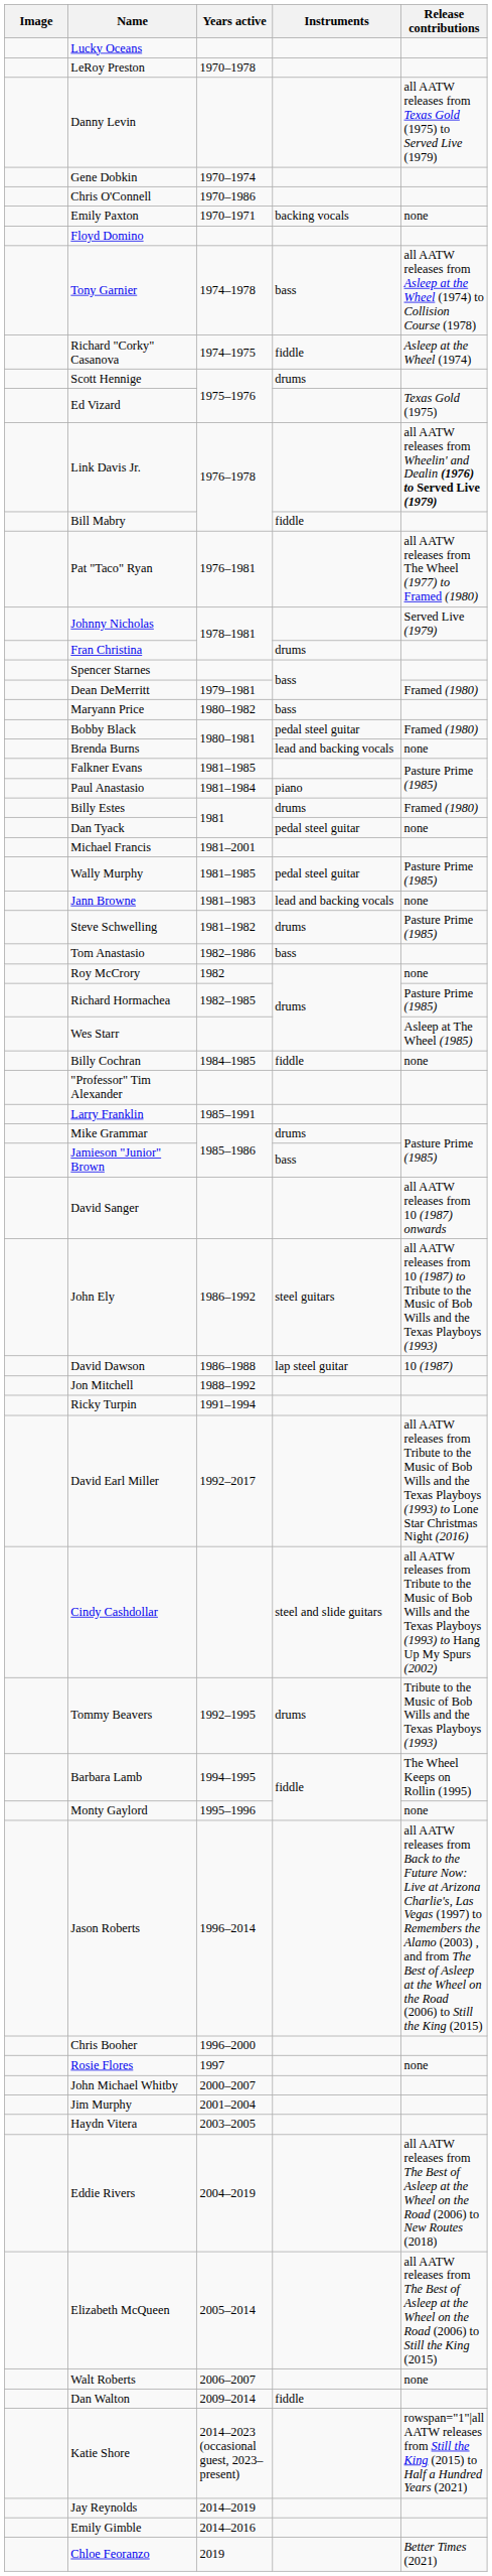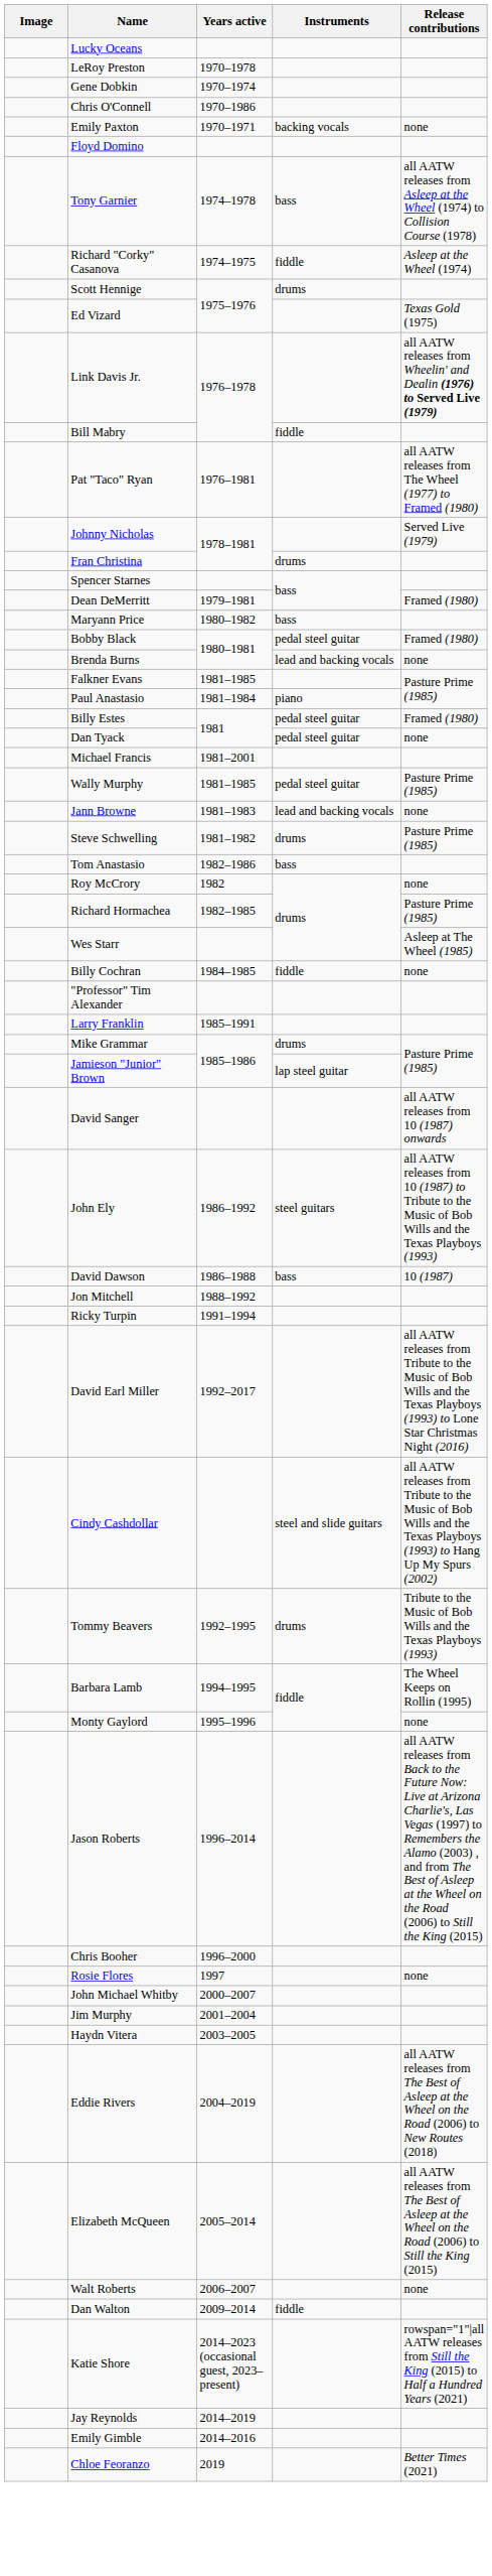 <table class="wikitable" border="1" width=100%>
 <tr>
 <th width="75">Image</th>
 <th width="160">Name</th>
 <th width="90">Years active</th>
 <th width="160">Instruments</th>
 <th>Release contributions</th>
 </tr>
 <tr>
 <td></td>
 <td><a href='#'>Lucky Oceans</a><br></td>
 <td></td>
 <td></td>
 <td></td>
 </tr>
 <tr>
 <td></td>
 <td>LeRoy Preston</td>
 <td>1970–1978</td>
 <td></td>
 <td></td>
-</tr>
-<tr>
-<td></td>
-<td>Danny Levin</td>
-<td></td>
-<td></td>
-<td>all AATW releases from <em><a href='#'>Texas Gold</a></em> (1975) to <em>Served Live</em> (1979) </td>
 </tr>
 <tr>
 <td></td>
 <td>Gene Dobkin</td>
 <td>1970–1974</td>
 <td></td>
 <td></td>
 </tr>
 <tr>
 <td></td>
 <td>Chris O'Connell</td>
 <td>1970–1986</td>
 <td></td>
 <td></td>
 </tr>
 <tr>
 <td></td>
 <td>Emily Paxton</td>
 <td>1970–1971</td>
 <td>backing vocals</td>
 <td>none </td>
 </tr>
 <tr>
 <td></td>
 <td><a href='#'>Floyd Domino</a><br></td>
 <td></td>
 <td></td>
 <td></td>
 </tr>
 <tr>
 <td></td>
 <td><a href='#'>Tony Garnier</a></td>
 <td>1974–1978</td>
 <td>bass</td>
 <td>all AATW releases from <em><a href='#'>Asleep at the Wheel</a></em> (1974) to <em>Collision Course</em> (1978) </td>
 </tr>
 <tr>
 <td></td>
 <td>Richard "Corky" Casanova</td>
 <td>1974–1975 </td>
 <td>fiddle</td>
 <td><em>Asleep at the Wheel</em> (1974)</td>
 </tr>
 <tr>
 <td></td>
 <td>Scott Hennige</td>
 <td rowspan="2">1975–1976</td>
 <td>drums</td>
 <td></td>
 </tr>
 <tr>
 <td></td>
 <td>Ed Vizard</td>
 <td></td>
 <td><em>Texas Gold</em> (1975) </td>
 </tr>
 <tr>
 <td></td>
 <td>Link Davis Jr.</td>
 <td rowspan="2">1976–1978</td>
 <td></td>
 <td>all AATW releases from <em>Wheelin' and Dealin<strong> (1976) to </em>Served Live<em> (1979)</td>
 </tr>
 <tr>
 <td></td>
 <td>Bill Mabry</td>
 <td>fiddle</td>
 <td></td>
 </tr>
 <tr>
 <td></td>
 <td>Pat "Taco" Ryan</td>
 <td>1976–1981</td>
 <td></td>
 <td>all AATW releases from </em>The Wheel<em> (1977) to </em><a href='#'>Framed</a><em> (1980)</td>
 </tr>
 <tr>
 <td></td>
 <td><a href='#'>Johnny Nicholas</a></td>
 <td rowspan="2">1978–1981</td>
 <td></td>
 <td></em>Served Live<em> (1979) </td>
 </tr>
 <tr>
 <td></td>
 <td><a href='#'>Fran Christina</a></td>
 <td>drums</td>
 <td></td>
 </tr>
 <tr>
 <td></td>
 <td>Spencer Starnes</td>
 <td></td>
 <td rowspan="2">bass</td>
 <td></td>
 </tr>
 <tr>
 <td></td>
 <td>Dean DeMerritt</td>
 <td>1979–1981</td>
 <td></em>Framed<em> (1980)</td>
 </tr>
 <tr>
 <td></td>
 <td>Maryann Price</td>
 <td>1980–1982</td>
 <td>bass</td>
 <td></td>
 </tr>
 <tr>
 <td></td>
 <td>Bobby Black</td>
 <td rowspan="2">1980–1981</td>
 <td>pedal steel guitar</td>
 <td></em>Framed<em> (1980) </td>
 </tr>
 <tr>
 <td></td>
 <td>Brenda Burns</td>
 <td>lead and backing vocals</td>
 <td>none </td>
 </tr>
 <tr>
 <td></td>
 <td>Falkner Evans</td>
 <td>1981–1985</td>
 <td></td>
 <td rowspan="2"></em>Pasture Prime<em> (1985)</td>
 </tr>
 <tr>
 <td></td>
 <td>Paul Anastasio</td>
 <td>1981–1984</td>
 <td>piano</td>
 </tr>
 <tr>
 <td></td>
 <td>Billy Estes</td>
 <td rowspan="2">1981</td>
-<td>drums</td>
+<td>pedal steel guitar</td>
 <td></em>Framed<em> (1980)</td>
 </tr>
 <tr>
 <td></td>
 <td>Dan Tyack</td>
 <td>pedal steel guitar</td>
 <td>none </td>
 </tr>
 <tr>
 <td></td>
 <td>Michael Francis</td>
 <td>1981–2001</td>
 <td></td>
 <td></td>
 </tr>
 <tr>
 <td></td>
 <td>Wally Murphy</td>
 <td>1981–1985</td>
 <td>pedal steel guitar</td>
 <td></em>Pasture Prime<em> (1985) </td>
 </tr>
 <tr>
 <td></td>
 <td><a href='#'>Jann Browne</a></td>
 <td>1981–1983</td>
 <td>lead and backing vocals</td>
 <td>none </td>
 </tr>
 <tr>
 <td></td>
 <td>Steve Schwelling</td>
 <td>1981–1982</td>
 <td>drums</td>
 <td></em>Pasture Prime<em> (1985)</td>
 </tr>
 <tr>
 <td></td>
 <td>Tom Anastasio</td>
 <td>1982–1986</td>
 <td>bass</td>
 <td></td>
 </tr>
 <tr>
 <td></td>
 <td>Roy McCrory</td>
 <td>1982</td>
 <td rowspan="3">drums</td>
 <td>none </td>
 </tr>
 <tr>
 <td></td>
 <td>Richard Hormachea</td>
 <td>1982–1985</td>
 <td></em>Pasture Prime<em> (1985) </td>
 </tr>
 <tr>
 <td></td>
 <td>Wes Starr</td>
 <td></td>
 <td></em>Asleep at The Wheel<em> (1985)</td>
 </tr>
 <tr>
 <td></td>
 <td>Billy Cochran</td>
 <td>1984–1985</td>
 <td>fiddle</td>
 <td>none </td>
 </tr>
 <tr>
 <td></td>
 <td>"Professor" Tim Alexander</td>
 <td></td>
 <td></td>
 <td></td>
 </tr>
 <tr>
 <td></td>
 <td><a href='#'>Larry Franklin</a></td>
 <td>1985–1991</td>
 <td></td>
 <td></td>
 </tr>
 <tr>
 <td></td>
 <td>Mike Grammar</td>
 <td rowspan="2">1985–1986</td>
 <td>drums</td>
 <td rowspan="2"></em>Pasture Prime<em> (1985)</td>
 </tr>
 <tr>
 <td></td>
 <td><a href='#'>Jamieson "Junior" Brown</a></td>
-<td>bass</td>
+<td>lap steel guitar</td>
 </tr>
 <tr>
 <td></td>
 <td>David Sanger</td>
 <td></td>
 <td></td>
 <td>all AATW releases from </em>10<em> (1987) onwards </td>
 </tr>
 <tr>
 <td></td>
 <td>John Ely</td>
 <td>1986–1992</td>
 <td>steel guitars</td>
 <td>all AATW releases from </em>10<em> (1987) to </em>Tribute to the Music of Bob Wills and the Texas Playboys<em> (1993) </td>
 </tr>
 <tr>
 <td></td>
 <td>David Dawson</td>
 <td>1986–1988</td>
-<td>lap steel guitar</td>
+<td>bass</td>
 <td></em>10<em> (1987)</td>
 </tr>
 <tr>
 <td></td>
 <td>Jon Mitchell</td>
 <td>1988–1992</td>
 <td></td>
 <td></td>
 </tr>
 <tr>
 <td></td>
 <td>Ricky Turpin</td>
 <td>1991–1994</td>
 <td></td>
 <td></td>
 </tr>
 <tr>
 <td></td>
 <td>David Earl Miller</td>
 <td>1992–2017</td>
 <td></td>
 <td>all AATW releases from </em>Tribute to the Music of Bob Wills and the Texas Playboys<em> (1993) to </em>Lone Star Christmas Night<em> (2016) </td>
 </tr>
 <tr>
 <td></td>
 <td><a href='#'>Cindy Cashdollar</a></td>
 <td></td>
 <td>steel and slide guitars</td>
 <td>all AATW releases from </em>Tribute to the Music of Bob Wills and the Texas Playboys<em> (1993) to </em>Hang Up My Spurs<em> (2002) </td>
 </tr>
 <tr>
 <td></td>
 <td>Tommy Beavers</td>
 <td>1992–1995</td>
 <td>drums</td>
 <td></em>Tribute to the Music of Bob Wills and the Texas Playboys<em> (1993)</td>
 </tr>
 <tr>
 <td></td>
 <td>Barbara Lamb</td>
 <td>1994–1995</td>
 <td rowspan="2">fiddle</td>
 <td></em>The Wheel Keeps on Rollin</strong> (1995)</td>
 </tr>
 <tr>
 <td></td>
 <td>Monty Gaylord</td>
 <td>1995–1996</td>
 <td>none </td>
 </tr>
 <tr>
 <td></td>
 <td>Jason Roberts</td>
 <td>1996–2014</td>
 <td></td>
 <td>all AATW releases from <em>Back to the Future Now: Live at Arizona Charlie's, Las Vegas</em> (1997) to <em>Remembers the Alamo</em> (2003) , and from <em>The Best of Asleep at the Wheel on the Road</em> (2006) to <em>Still the King</em> (2015) </td>
 </tr>
 <tr>
 <td></td>
 <td>Chris Booher</td>
 <td>1996–2000</td>
 <td></td>
 <td></td>
 </tr>
 <tr>
 <td></td>
 <td><a href='#'>Rosie Flores</a></td>
 <td>1997 </td>
 <td></td>
 <td>none </td>
 </tr>
 <tr>
 <td></td>
 <td>John Michael Whitby</td>
 <td>2000–2007</td>
 <td></td>
 <td></td>
 </tr>
 <tr>
 <td></td>
 <td>Jim Murphy</td>
 <td>2001–2004</td>
 <td></td>
 <td></td>
 </tr>
 <tr>
 <td></td>
 <td>Haydn Vitera</td>
 <td>2003–2005</td>
 <td></td>
 <td></td>
 </tr>
 <tr>
 <td></td>
 <td>Eddie Rivers</td>
 <td>2004–2019</td>
 <td></td>
 <td>all AATW releases from <em>The Best of Asleep at the Wheel on the Road</em> (2006) to <em>New Routes</em> (2018) </td>
 </tr>
 <tr>
 <td></td>
 <td>Elizabeth McQueen</td>
 <td>2005–2014</td>
 <td></td>
 <td>all AATW releases from <em>The Best of Asleep at the Wheel on the Road</em> (2006) to <em>Still the King</em> (2015) </td>
 </tr>
 <tr>
 <td></td>
 <td>Walt Roberts</td>
 <td>2006–2007</td>
 <td></td>
 <td>none </td>
 </tr>
 <tr>
 <td></td>
 <td>Dan Walton</td>
 <td>2009–2014</td>
 <td>fiddle</td>
 <td></td>
 </tr>
 <tr>
 <td></td>
 <td>Katie Shore</td>
 <td>2014–2023 (occasional guest, 2023–present)</td>
 <td></td>
 <td>rowspan="1"|all AATW releases from <em><a href='#'>Still the King</a></em> (2015) to <em>Half a Hundred Years</em> (2021)</td>
 </tr>
 <tr>
 <td></td>
 <td>Jay Reynolds</td>
 <td>2014–2019</td>
 <td></td>
 <td></td>
 </tr>
 <tr>
 <td></td>
 <td>Emily Gimble</td>
 <td>2014–2016</td>
 <td></td>
 <td></td>
 </tr>
 <tr>
 <td></td>
 <td><a href='#'>Chloe Feoranzo</a></td>
 <td>2019 </td>
 <td></td>
 <td><em>Better Times</em> (2021)</td>
 </tr>
 </table>
